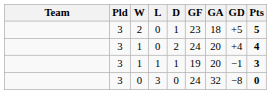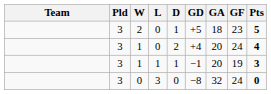 <table class="wikitable" style="text-align:center;">
 <tr>
 <th width=150>Team</th>
 <th width=20>Pld</th>
 <th width=20>W</th>
 <th width=20>L</th>
 <th width=20>D</th>
+<th width=20>GD</th>
+<th width=20>GA</th>
 <th width=20>GF</th>
-<th width=20>GA</th>
-<th width=20>GD</th>
 <th width=20>Pts</th>
 </tr>
 <tr>
 <td align="left"></td>
 <td>3</td>
 <td>2</td>
 <td>0</td>
 <td>1</td>
+<td>+5</td>
+<td>18</td>
 <td>23</td>
-<td>18</td>
-<td>+5</td>
 <td><strong>5</strong></td>
 </tr>
 <tr>
 <td align="left"></td>
 <td>3</td>
 <td>1</td>
 <td>0</td>
 <td>2</td>
+<td>+4</td>
+<td>20</td>
 <td>24</td>
-<td>20</td>
-<td>+4</td>
 <td><strong>4</strong></td>
 </tr>
 <tr>
 <td align="left"></td>
 <td>3</td>
 <td>1</td>
 <td>1</td>
 <td>1</td>
+<td>−1</td>
+<td>20</td>
 <td>19</td>
-<td>20</td>
-<td>−1</td>
 <td><strong>3</strong></td>
 </tr>
 <tr>
 <td align="left"></td>
 <td>3</td>
 <td>0</td>
 <td>3</td>
 <td>0</td>
+<td>−8</td>
+<td>32</td>
 <td>24</td>
-<td>32</td>
-<td>−8</td>
 <td><strong>0</strong></td>
 </tr>
 </table>
